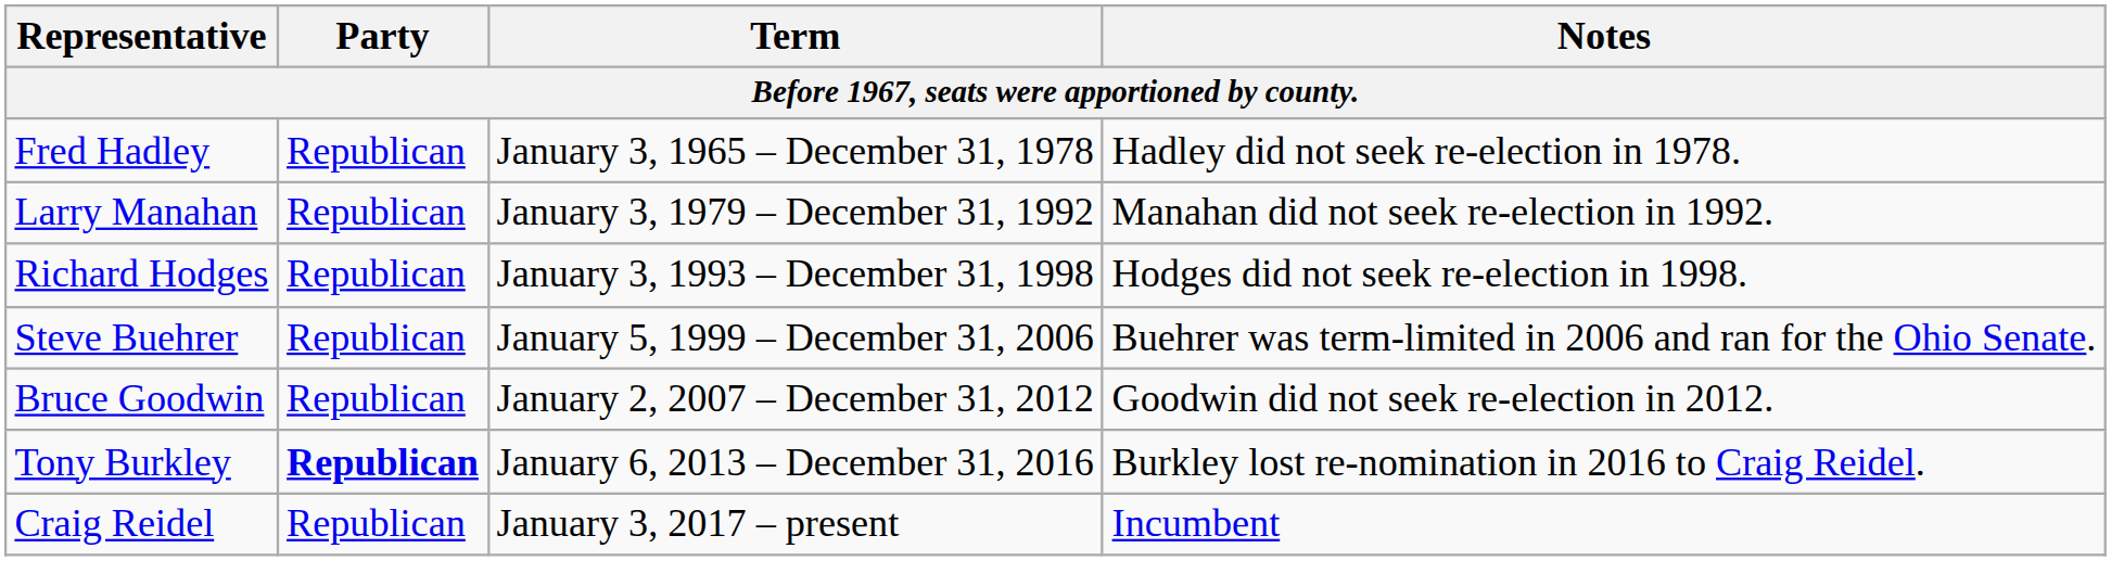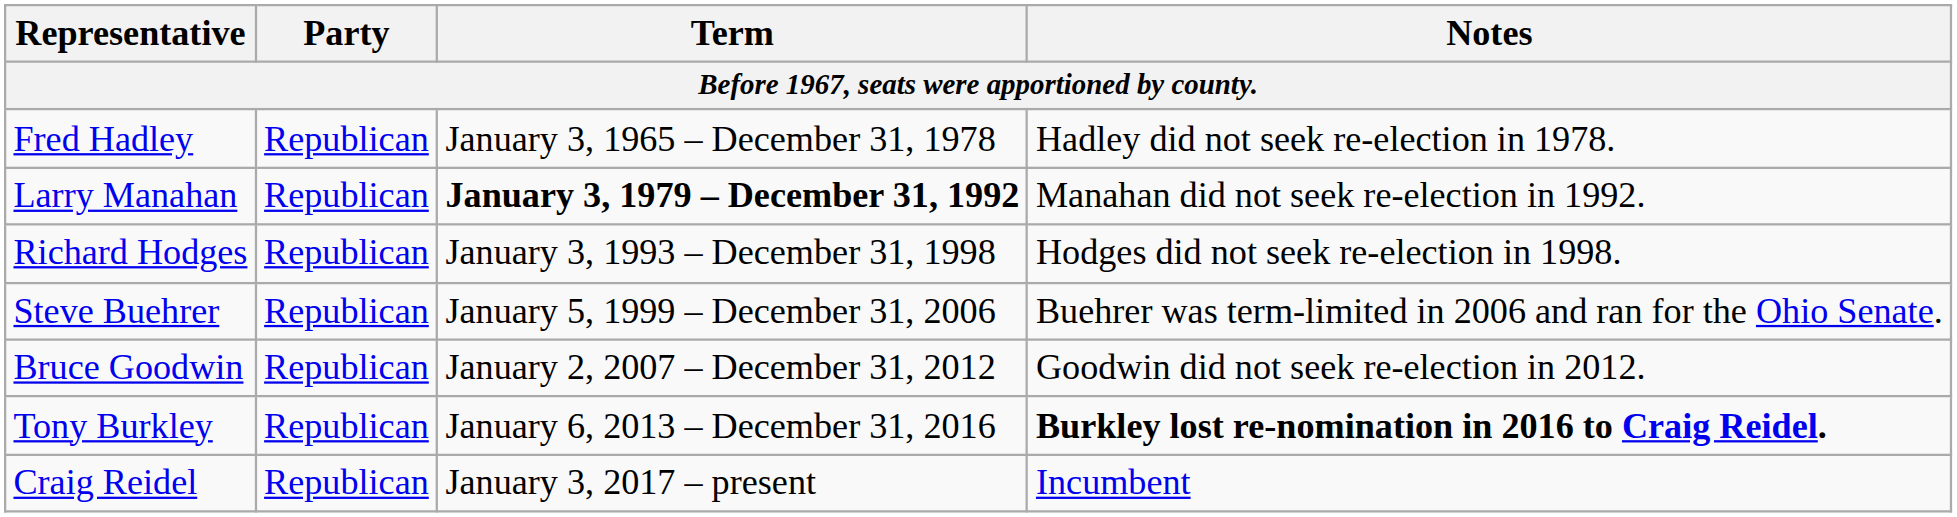 <table class=wikitable>
 <tr valign=bottom>
 <th>Representative</th>
 <th>Party</th>
 <th>Term</th>
 <th>Notes</th>
 </tr>
 <tr>
 <th colspan=5 style="font-size: 80%;"><em>Before 1967, seats were apportioned by county.</em></th>
 </tr>
 <tr>
 <td><a href='#'>Fred Hadley</a></td>
 <td><a href='#'>Republican</a></td>
 <td>January 3, 1965 – December 31, 1978</td>
 <td>Hadley did not seek re-election in 1978.</td>
 </tr>
 <tr>
 <td><a href='#'>Larry Manahan</a></td>
 <td><a href='#'>Republican</a></td>
-<td>January 3, 1979 – December 31, 1992</td>
+<td><strong>January 3, 1979 – December 31, 1992</strong></td>
 <td>Manahan did not seek re-election in 1992.</td>
 </tr>
 <tr>
 <td><a href='#'>Richard Hodges</a></td>
 <td><a href='#'>Republican</a></td>
 <td>January 3, 1993 – December 31, 1998</td>
 <td>Hodges did not seek re-election in 1998.</td>
 </tr>
 <tr>
 <td><a href='#'>Steve Buehrer</a></td>
 <td><a href='#'>Republican</a></td>
 <td>January 5, 1999 – December 31, 2006</td>
 <td>Buehrer was term-limited in 2006 and ran for the <a href='#'>Ohio Senate</a>.</td>
 </tr>
 <tr>
 <td><a href='#'>Bruce Goodwin</a></td>
 <td><a href='#'>Republican</a></td>
 <td>January 2, 2007 – December 31, 2012</td>
 <td>Goodwin did not seek re-election in 2012.</td>
 </tr>
 <tr>
 <td><a href='#'>Tony Burkley</a></td>
-<td><strong><a href='#'>Republican</a></strong></td>
+<td><a href='#'>Republican</a></td>
 <td>January 6, 2013 – December 31, 2016</td>
-<td>Burkley lost re-nomination in 2016 to <a href='#'>Craig Reidel</a>.</td>
+<td><strong>Burkley lost re-nomination in 2016 to <a href='#'>Craig Reidel</a>.</strong></td>
 </tr>
 <tr>
 <td><a href='#'>Craig Reidel</a></td>
 <td><a href='#'>Republican</a></td>
 <td>January 3, 2017 – present</td>
 <td><a href='#'>Incumbent</a></td>
 </tr>
 </table>
